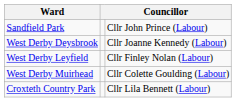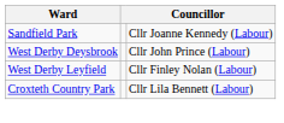 <table class="wikitable">
 <tr>
 <th>Ward</th>
 <th colspan="2">Councillor</th>
 </tr>
 <tr>
 <td><a href='#'>Sandfield Park</a></td>
 <td style="background-color: "></td>
-<td>Cllr John Prince (<a href='#'>Labour</a>)</td>
+<td>Cllr Joanne Kennedy (<a href='#'>Labour</a>)</td>
 </tr>
 <tr>
 <td><a href='#'>West Derby Deysbrook</a></td>
 <td style="background-color: "></td>
-<td>Cllr Joanne Kennedy (<a href='#'>Labour</a>)</td>
+<td>Cllr John Prince (<a href='#'>Labour</a>)</td>
 </tr>
 <tr>
 <td><a href='#'>West Derby Leyfield</a></td>
 <td style="background-color: "></td>
 <td>Cllr Finley Nolan (<a href='#'>Labour</a>)</td>
 </tr>
 <tr>
-<td><a href='#'>West Derby Muirhead</a></td>
-<td style="background-color: "></td>
-<td>Cllr Colette Goulding (<a href='#'>Labour</a>)</td>
-</tr>
-<tr>
 <td><a href='#'>Croxteth Country Park</a></td>
 <td style="background-color: "></td>
 <td>Cllr Lila Bennett (<a href='#'>Labour</a>)</td>
 </tr>
 </table>
